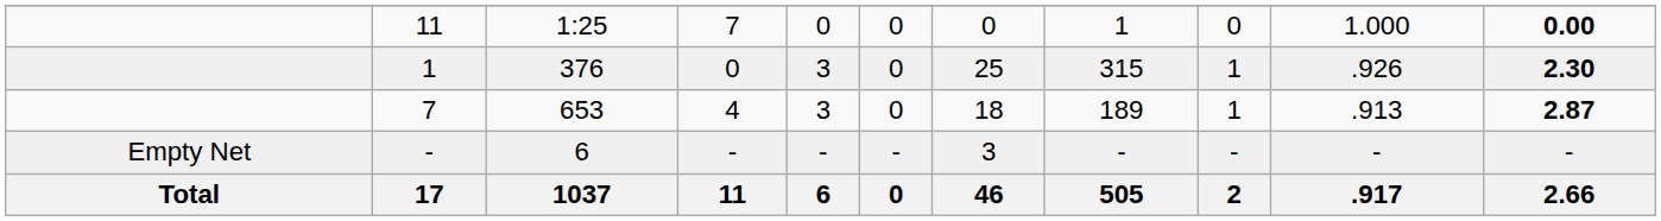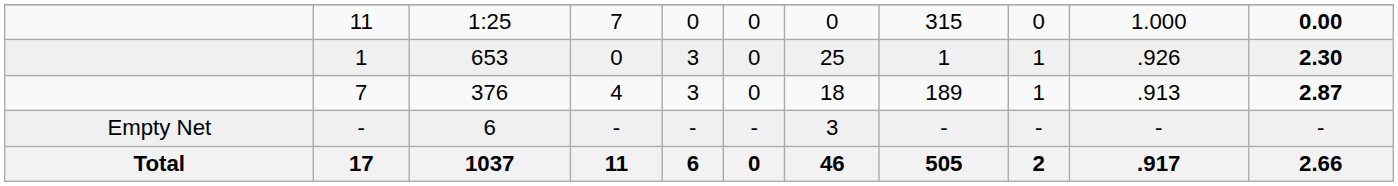 <table class="wikitable sortable" width ="1000">
 <tr align="center">
 </tr>
 <tr align="center" bgcolor="">
 <td></td>
 <td>11</td>
 <td>1:25</td>
 <td>7</td>
 <td>0</td>
 <td>0</td>
 <td>0</td>
-<td>1</td>
+<td>315</td>
 <td>0</td>
 <td>1.000</td>
 <td><strong>0.00</strong></td>
 </tr>
 <tr align="center" bgcolor="f0f0f0">
 <td></td>
 <td>1</td>
-<td>376</td>
+<td>653</td>
 <td>0</td>
 <td>3</td>
 <td>0</td>
 <td>25</td>
-<td>315</td>
+<td>1</td>
 <td>1</td>
 <td>.926</td>
 <td><strong>2.30</strong></td>
 </tr>
 <tr align="center" bgcolor="">
 <td></td>
 <td>7</td>
-<td>653</td>
+<td>376</td>
 <td>4</td>
 <td>3</td>
 <td>0</td>
 <td>18</td>
 <td>189</td>
 <td>1</td>
 <td>.913</td>
 <td><strong>2.87</strong></td>
 </tr>
 <tr align="center" bgcolor="f0f0f0">
 <td>Empty Net</td>
 <td>-</td>
 <td>6</td>
 <td>-</td>
 <td>-</td>
 <td>-</td>
 <td>3</td>
 <td>-</td>
 <td>-</td>
 <td>-</td>
 <td>-</td>
 </tr>
 <tr>
 <th>Total</th>
 <th>17</th>
 <th>1037</th>
 <th>11</th>
 <th>6</th>
 <th>0</th>
 <th>46</th>
 <th>505</th>
 <th>2</th>
 <th>.917</th>
 <th>2.66</th>
 </tr>
 </table>
